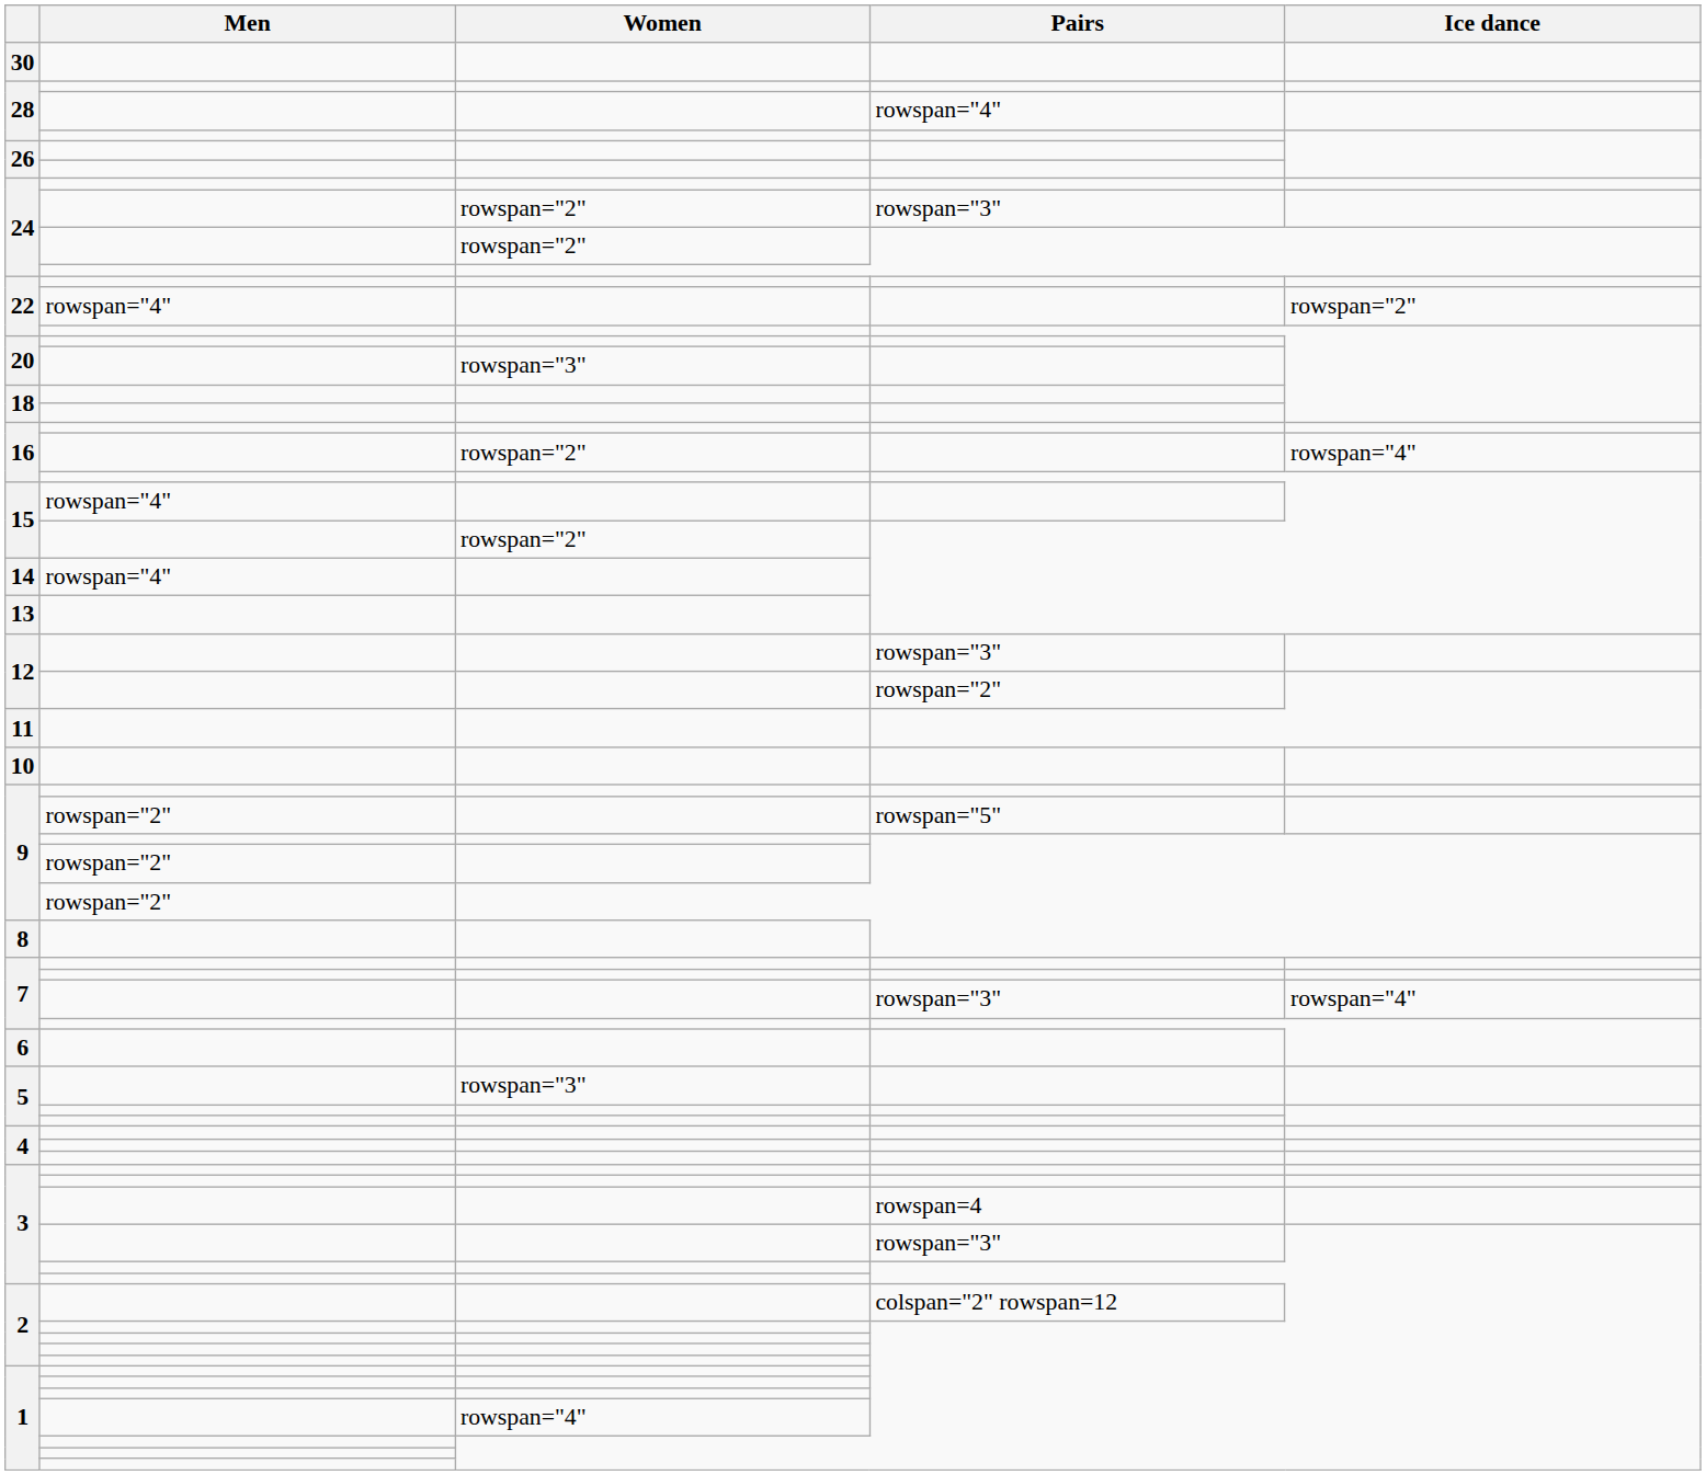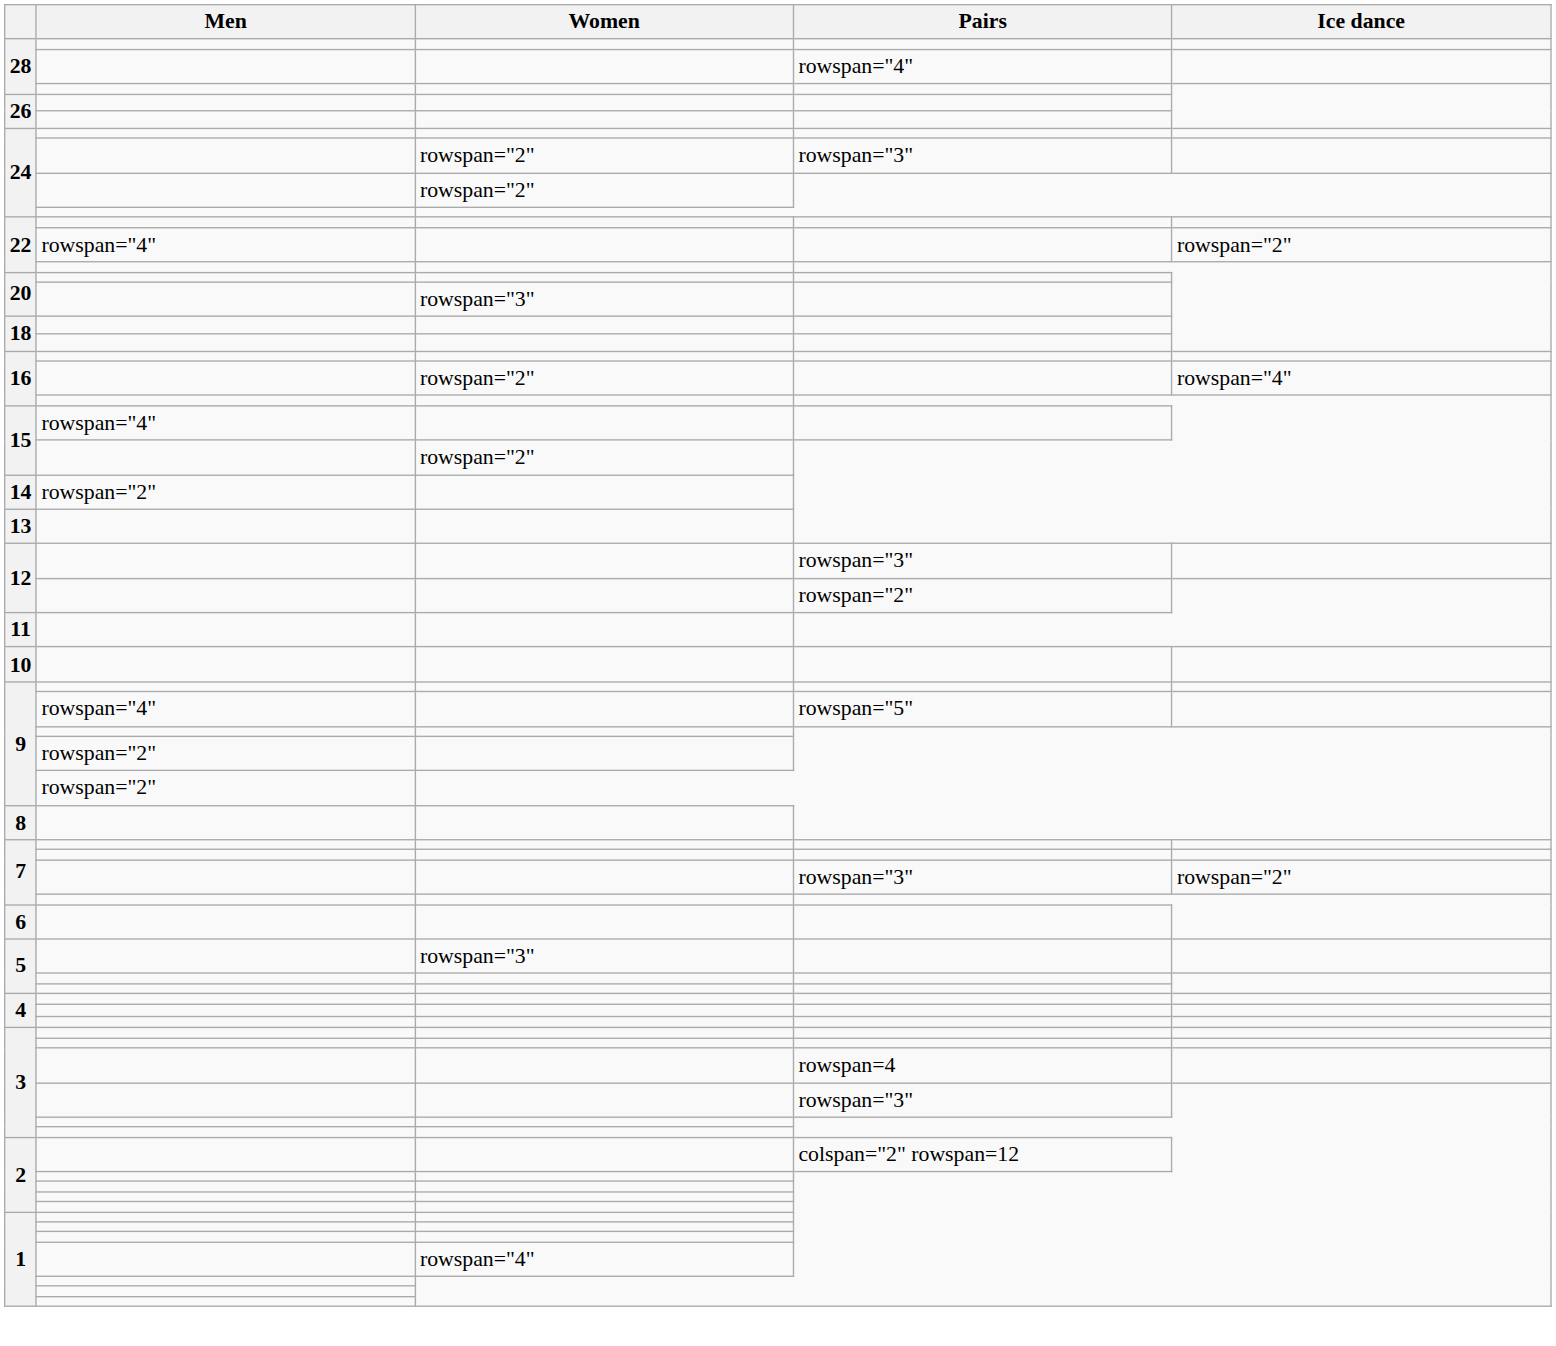 <table class="wikitable unsortable" style="text-align:left; width:90%">
 <tr>
 <th scope="col"></th>
 <th scope="col" style="width:25%">Men</th>
 <th scope="col" style="width:25%">Women</th>
 <th scope="col" style="width:25%">Pairs</th>
 <th scope="col" style="width:25%">Ice dance</th>
-</tr>
-<tr>
-<th scope="row">30</th>
-<td></td>
-<td></td>
-<td></td>
-<td></td>
 </tr>
 <tr>
 <th scope="row" rowspan=3>28</th>
 <td></td>
 <td></td>
 <td></td>
 <td></td>
 </tr>
 <tr>
 <td></td>
 <td></td>
 <td>rowspan="4" </td>
 <td></td>
 </tr>
 <tr>
 <td></td>
 <td></td>
 <td></td>
 </tr>
 <tr>
 <th scope="row" rowspan=2>26</th>
 <td></td>
 <td></td>
 <td></td>
 </tr>
 <tr>
 <td></td>
 <td></td>
 <td></td>
 </tr>
 <tr>
 <th scope="row" rowspan=4>24</th>
 <td></td>
 <td></td>
 <td></td>
 <td></td>
 </tr>
 <tr>
 <td></td>
 <td>rowspan="2" </td>
 <td>rowspan="3" </td>
 <td></td>
 </tr>
 <tr>
 <td></td>
 <td>rowspan="2" </td>
 </tr>
 <tr>
 <td></td>
 </tr>
 <tr>
 <th scope="row" rowspan=3>22</th>
 <td></td>
 <td></td>
 <td></td>
 <td></td>
 </tr>
 <tr>
 <td>rowspan="4" </td>
 <td></td>
 <td></td>
 <td>rowspan="2" </td>
 </tr>
 <tr>
 <td></td>
 <td></td>
 </tr>
 <tr>
 <th rowspan="2" scope="row">20</th>
 <td></td>
 <td></td>
 <td></td>
 </tr>
 <tr>
 <td></td>
 <td>rowspan="3" </td>
 <td></td>
 </tr>
 <tr>
 <th scope="row" rowspan=2>18</th>
 <td></td>
 <td></td>
 <td></td>
 </tr>
 <tr>
 <td></td>
 <td></td>
 <td></td>
 </tr>
 <tr>
 <th scope="row" rowspan="3">16</th>
 <td></td>
 <td></td>
 <td></td>
 <td></td>
 </tr>
 <tr>
 <td></td>
 <td>rowspan="2" </td>
 <td></td>
 <td>rowspan="4" </td>
 </tr>
 <tr>
 <td></td>
 <td></td>
 </tr>
 <tr>
 <th rowspan="2" scope="row">15</th>
 <td>rowspan="4" </td>
 <td></td>
 <td></td>
 </tr>
 <tr>
 <td></td>
 <td>rowspan="2" </td>
 </tr>
 <tr>
 <th scope="row">14</th>
-<td>rowspan="4" </td>
+<td>rowspan="2" </td>
 <td></td>
 </tr>
 <tr>
 <th scope="row">13</th>
 <td></td>
 <td></td>
 </tr>
 <tr>
 <th rowspan="2" scope="row">12</th>
 <td></td>
 <td></td>
 <td>rowspan="3" </td>
 <td></td>
 </tr>
 <tr>
 <td></td>
 <td></td>
 <td>rowspan="2" </td>
 </tr>
 <tr>
 <th scope="row">11</th>
 <td></td>
 <td></td>
 </tr>
 <tr>
 <th scope="row">10</th>
 <td></td>
 <td></td>
 <td></td>
 <td></td>
 </tr>
 <tr>
 <th rowspan=5 scope="row">9</th>
 <td></td>
 <td></td>
 <td></td>
 <td></td>
 </tr>
 <tr>
-<td>rowspan="2" </td>
+<td>rowspan="4" </td>
 <td></td>
 <td>rowspan="5" </td>
 <td></td>
 </tr>
 <tr>
 <td></td>
 <td></td>
 </tr>
 <tr>
 <td>rowspan="2" </td>
 <td></td>
 </tr>
 <tr>
 <td>rowspan="2" </td>
 </tr>
 <tr>
 <th scope="row">8</th>
 <td></td>
 <td></td>
 </tr>
 <tr>
 <th rowspan="4" scope="row">7</th>
 <td></td>
 <td></td>
 <td></td>
 <td></td>
 </tr>
 <tr>
 <td></td>
 <td></td>
 <td></td>
 <td></td>
 </tr>
 <tr>
 <td></td>
 <td></td>
 <td>rowspan="3" </td>
-<td>rowspan="4" </td>
+<td>rowspan="2" </td>
 </tr>
 <tr>
 <td></td>
 <td></td>
 </tr>
 <tr>
 <th scope="row">6</th>
 <td></td>
 <td></td>
 <td></td>
 </tr>
 <tr>
 <th rowspan=3 scope="row">5</th>
 <td></td>
 <td>rowspan="3" </td>
 <td></td>
 <td></td>
 </tr>
 <tr>
 <td></td>
 <td></td>
 <td></td>
 </tr>
 <tr>
 <td></td>
 <td></td>
 <td></td>
 </tr>
 <tr>
 <th rowspan="3" scope="row">4</th>
 <td></td>
 <td></td>
 <td></td>
 <td></td>
 </tr>
 <tr>
 <td></td>
 <td></td>
 <td></td>
 <td></td>
 </tr>
 <tr>
 <td></td>
 <td></td>
 <td></td>
 <td></td>
 </tr>
 <tr>
 <th rowspan=6 scope="row">3</th>
 <td></td>
 <td></td>
 <td></td>
 <td></td>
 </tr>
 <tr>
 <td></td>
 <td></td>
 <td></td>
 <td></td>
 </tr>
 <tr>
 <td></td>
 <td></td>
 <td>rowspan=4 </td>
 <td></td>
 </tr>
 <tr>
 <td></td>
 <td></td>
 <td>rowspan="3" </td>
 </tr>
 <tr>
 <td></td>
 <td></td>
 </tr>
 <tr>
 <td></td>
 <td></td>
 </tr>
 <tr>
 <th rowspan=5 scope="row">2</th>
 <td></td>
 <td></td>
 <td>colspan="2" rowspan=12 </td>
 </tr>
 <tr>
 <td></td>
 <td></td>
 </tr>
 <tr>
 <td></td>
 <td></td>
 </tr>
 <tr>
 <td></td>
 <td></td>
 </tr>
 <tr>
 <td></td>
 <td></td>
 </tr>
 <tr>
 <th rowspan=7 scope="row">1</th>
 <td></td>
 <td></td>
 </tr>
 <tr>
 <td></td>
 <td></td>
 </tr>
 <tr>
 <td></td>
 <td></td>
 </tr>
 <tr>
 <td></td>
 <td>rowspan="4" </td>
 </tr>
 <tr>
 <td></td>
 </tr>
 <tr>
 <td></td>
 </tr>
 <tr>
 <td></td>
 </tr>
 </table>
